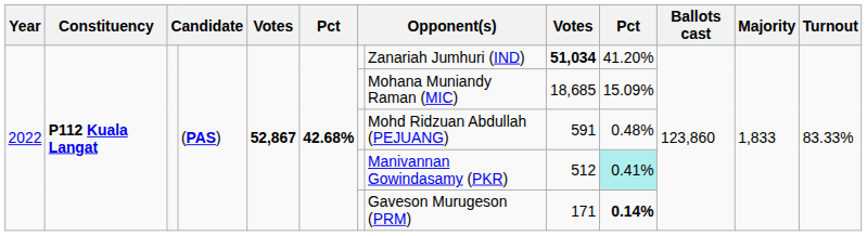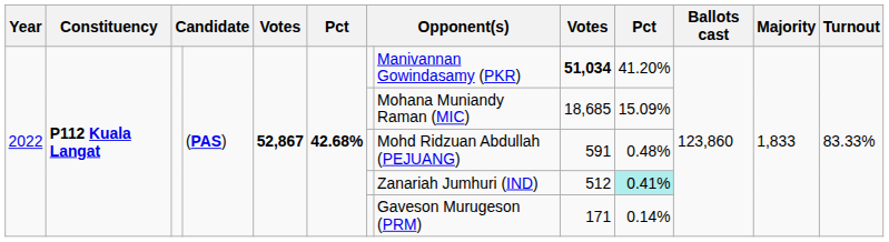 <table class="wikitable" style="margin:0.5em ; font-size:95%">
 <tr>
 <th>Year</th>
 <th>Constituency</th>
 <th colspan=2>Candidate</th>
 <th>Votes</th>
 <th>Pct</th>
 <th colspan=2>Opponent(s)</th>
 <th>Votes</th>
 <th>Pct</th>
 <th>Ballots cast</th>
 <th>Majority</th>
 <th>Turnout</th>
 </tr>
 <tr>
 <td rowspan=5><a href='#'>2022</a></td>
 <td rowspan=5><strong>P112 <a href='#'>Kuala Langat</a></strong></td>
 <td rowspan=5 bgcolor=></td>
 <td rowspan=5> (<a href='#'><strong>PAS</strong></a>)</td>
 <td rowspan=5 align="right"><strong>52,867</strong></td>
 <td rowspan=5><strong>42.68%</strong></td>
 <td></td>
-<td>Zanariah Jumhuri	 (<a href='#'>IND</a>)</td>
+<td><a href='#'>Manivannan Gowindasamy</a> (<a href='#'>PKR</a>)</td>
 <td align="right"><strong>51,034</strong></td>
 <td>41.20%</td>
 <td rowspan=5>123,860</td>
 <td rowspan=5>1,833</td>
 <td rowspan=5>83.33%</td>
 </tr>
 <tr>
 <td></td>
 <td>Mohana Muniandy Raman (<a href='#'>MIC</a>)</td>
 <td align="right">18,685</td>
 <td>15.09%</td>
 </tr>
 <tr>
 <td bgcolor=></td>
 <td>Mohd Ridzuan Abdullah (<a href='#'>PEJUANG</a>)</td>
 <td align="right">591</td>
 <td align="right">0.48%</td>
 </tr>
 <tr>
 <td></td>
-<td><a href='#'>Manivannan Gowindasamy</a> (<a href='#'>PKR</a>)</td>
+<td>Zanariah Jumhuri	 (<a href='#'>IND</a>)</td>
 <td align="right">512</td>
 <td align="right" style="background: paleturquoise;">0.41%</td>
 </tr>
 <tr>
 <td bgcolor=></td>
 <td>Gaveson Murugeson (<a href='#'>PRM</a>)</td>
 <td align="right">171</td>
-<td align="right"><strong>0.14%</strong></td>
+<td align="right">0.14%</td>
 </tr>
 </table>
